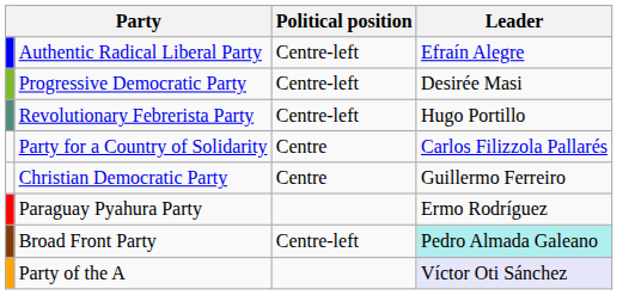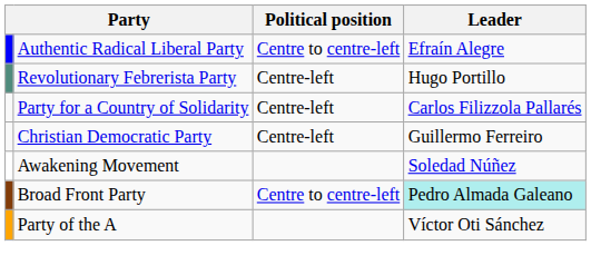 <table class="wikitable" style="font-size:95%">
 <tr>
 <th colspan="2">Party</th>
 <th>Political position</th>
 <th>Leader</th>
 </tr>
 <tr>
 <td bgcolor="Blue"></td>
 <td><a href='#'>Authentic Radical Liberal Party</a></td>
-<td>Centre-left</td>
+<td><a href='#'>Centre</a> to <a href='#'>centre-left</a></td>
 <td><a href='#'>Efraín Alegre</a></td>
-</tr>
-<tr>
-<td bgcolor="#7FBA27"></td>
-<td><a href='#'>Progressive Democratic Party</a></td>
-<td>Centre-left</td>
-<td>Desirée Masi</td>
 </tr>
 <tr>
 <td bgcolor="#4f8b7c"></td>
 <td><a href='#'>Revolutionary Febrerista Party</a></td>
 <td>Centre-left</td>
 <td>Hugo Portillo</td>
 </tr>
 <tr>
 <td></td>
 <td><a href='#'>Party for a Country of Solidarity</a></td>
-<td>Centre</td>
+<td>Centre-left</td>
 <td><a href='#'>Carlos Filizzola Pallarés</a></td>
 </tr>
 <tr>
 <td></td>
 <td><a href='#'>Christian Democratic Party</a></td>
-<td>Centre</td>
+<td>Centre-left</td>
 <td>Guillermo Ferreiro</td>
 </tr>
 <tr>
-<td bgcolor="Red"></td>
-<td>Paraguay Pyahura Party</td>
+<td bgcolor="White"></td>
+<td>Awakening Movement</td>
 <td></td>
-<td>Ermo Rodríguez</td>
+<td><a href='#'>Soledad Núñez</a></td>
 </tr>
 <tr>
 <td bgcolor="#823c09"></td>
 <td>Broad Front Party</td>
-<td>Centre-left</td>
+<td><a href='#'>Centre</a> to <a href='#'>centre-left</a></td>
 <td style="background: paleturquoise;">Pedro Almada Galeano</td>
 </tr>
 <tr>
 <td bgcolor="Orange"></td>
 <td>Party of the A</td>
 <td></td>
-<td style="background: lavender;">Víctor Oti Sánchez</td>
+<td>Víctor Oti Sánchez</td>
 </tr>
 </table>
